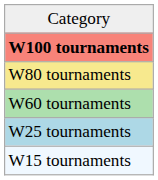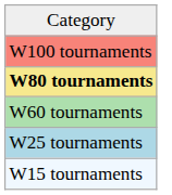 <table class=wikitable style=font-size:90%;>
 <tr align=center>
 <td style="background:#efefef;">Category</td>
 </tr>
 <tr style="background:#f88379;">
-<td><strong>W100 tournaments</strong></td>
+<td>W100 tournaments</td>
 </tr>
 <tr style="background:#f7e98e;">
-<td>W80 tournaments</td>
+<td><strong>W80 tournaments</strong></td>
 </tr>
 <tr style="background:#addfad;">
 <td>W60 tournaments</td>
 </tr>
 <tr style="background:lightblue;">
 <td>W25 tournaments</td>
 </tr>
 <tr style="background:#f0f8ff;">
 <td>W15 tournaments</td>
 </tr>
 </table>
